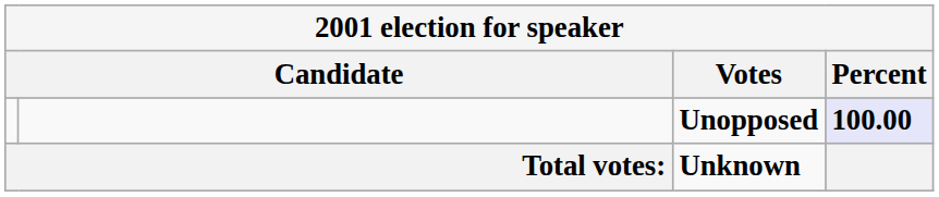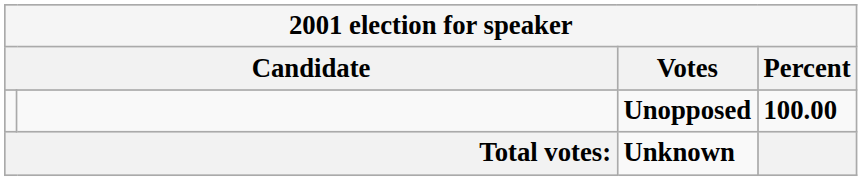 <table class="wikitable">
 <tr>
 <th colspan=4 style="background:#f5f5f5">2001 election for speaker</th>
 </tr>
 <tr>
 <th colspan=2>Candidate</th>
 <th>Votes</th>
 <th>Percent</th>
 </tr>
 <tr>
 <td style="background-color: "></td>
 <td style="width: 22em;"></td>
 <td style="text-align:right"><strong>Unopposed</strong></td>
-<td atyle="text-align:right" style="background: lavender;"><strong>100.00</strong></td>
+<td atyle="text-align:right"><strong>100.00</strong></td>
 </tr>
 <tr>
 <th colspan="2" style="text-align:right">Total votes:</th>
 <td><strong>Unknown</strong></td>
 <th></th>
 </tr>
 </table>
